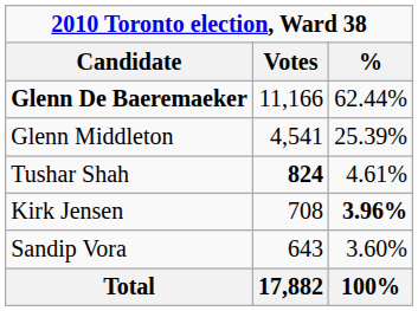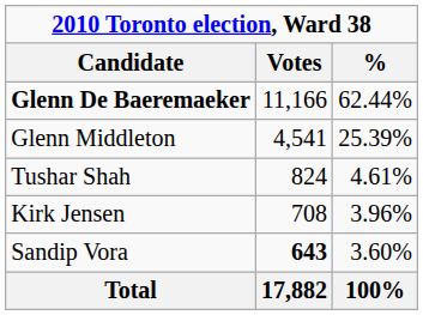 <table class="wikitable">
 <tr>
 <td Colspan="3" align="center"><strong><a href='#'>2010 Toronto election</a>, Ward 38</strong></td>
 </tr>
 <tr>
 <th bgcolor="#DDDDFF">Candidate</th>
 <th bgcolor="#DDDDFF">Votes</th>
 <th bgcolor="#DDDDFF">%</th>
 </tr>
 <tr>
 <td><strong>Glenn De Baeremaeker</strong></td>
 <td align=right>11,166</td>
 <td align=right>62.44%</td>
 </tr>
 <tr>
 <td>Glenn Middleton</td>
 <td align=right>4,541</td>
 <td align=right>25.39%</td>
 </tr>
 <tr>
 <td>Tushar Shah</td>
-<td align=right><strong>824</strong></td>
+<td align=right>824</td>
 <td align=right>4.61%</td>
 </tr>
 <tr>
 <td>Kirk Jensen</td>
 <td align=right>708</td>
-<td align=right><strong>3.96%</strong></td>
+<td align=right>3.96%</td>
 </tr>
 <tr>
 <td>Sandip Vora</td>
-<td align=right>643</td>
+<td align=right><strong>643</strong></td>
 <td align=right>3.60%</td>
 </tr>
 <tr>
 <th>Total</th>
 <th align=right>17,882</th>
 <th align=right>100%</th>
 </tr>
 </table>
